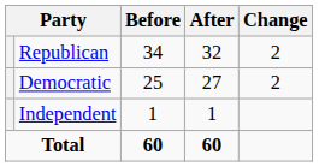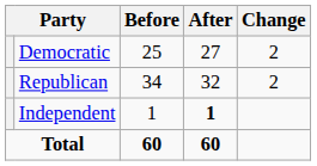 <table class="wikitable" style="text-align:center;">
 <tr>
 <th colspan="2">Party</th>
 <th>Before</th>
 <th>After</th>
 <th>Change</th>
+</tr>
+<tr>
+<th style="background-color:"></th>
+<td style="text-align:left;"><a href='#'>Democratic</a></td>
+<td>25</td>
+<td>27</td>
+<td> 2</td>
 </tr>
 <tr>
 <th style="background-color:"></th>
 <td style="text-align:left;"><a href='#'>Republican</a></td>
 <td>34</td>
 <td>32</td>
 <td> 2</td>
 </tr>
 <tr>
 <th style="background-color:"></th>
-<td style="text-align:left;"><a href='#'>Democratic</a></td>
-<td>25</td>
-<td>27</td>
-<td> 2</td>
-</tr>
-<tr>
-<th style="background-color:"></th>
 <td style="text-align:left;"><a href='#'>Independent</a></td>
 <td>1</td>
-<td>1</td>
+<td><strong>1</strong></td>
 <td></td>
 </tr>
 <tr>
 <td colspan="2"><strong>Total</strong></td>
 <td><strong>60</strong></td>
 <td><strong>60</strong></td>
 <td></td>
 </tr>
 </table>
